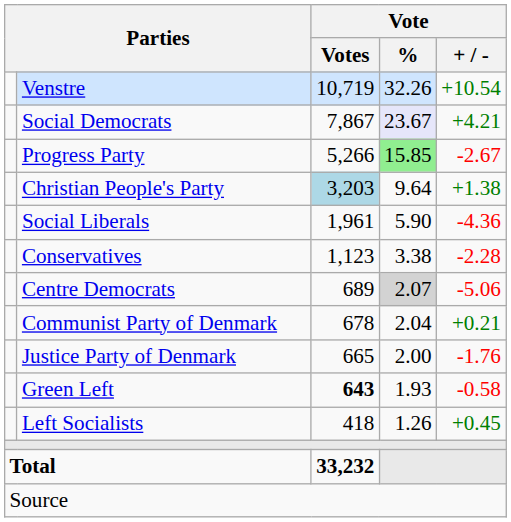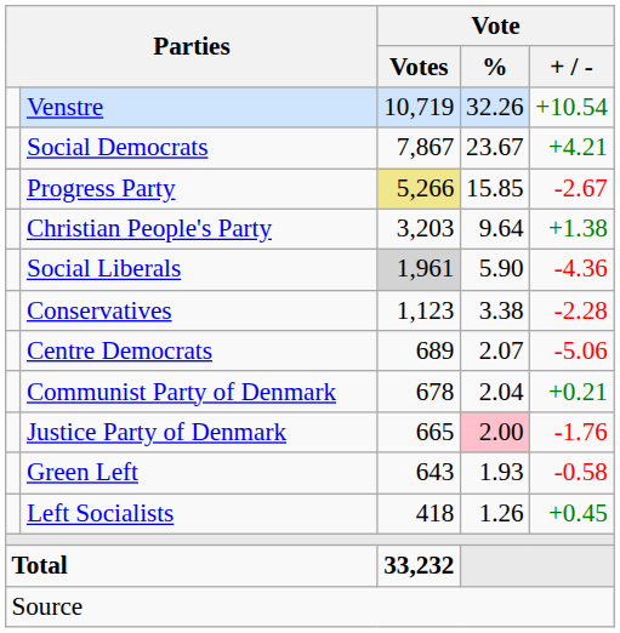 <table class="wikitable" style="text-align:right;">
 <tr>
 <th style="text-align:centre;" rowspan="2" colspan="2" width="225">Parties</th>
 <th colspan="3">Vote</th>
 </tr>
 <tr>
 <th width="15">Votes</th>
 <th width="15">%</th>
 <th width="15">+ / -</th>
 </tr>
 <tr>
 <td width="2" style="color:inherit;background:"></td>
 <td bgcolor=#cfe5fe  align="left"><a href='#'>Venstre</a></td>
 <td bgcolor=#cfe5fe>10,719</td>
 <td bgcolor=#cfe5fe>32.26</td>
 <td style=color:green;>+10.54</td>
 </tr>
 <tr>
 <td width="2" style="color:inherit;background:"></td>
 <td align="left"><a href='#'>Social Democrats</a></td>
 <td>7,867</td>
-<td style="background: lavender;">23.67</td>
+<td>23.67</td>
 <td style=color:green;>+4.21</td>
 </tr>
 <tr>
 <td width="2" style="color:inherit;background:"></td>
 <td align="left"><a href='#'>Progress Party</a></td>
-<td>5,266</td>
-<td style="background: lightgreen;">15.85</td>
+<td style="background: khaki;">5,266</td>
+<td>15.85</td>
 <td style=color:red;>-2.67</td>
 </tr>
 <tr>
 <td width="2" style="color:inherit;background:"></td>
 <td align="left"><a href='#'>Christian People's Party</a></td>
-<td style="background: lightblue;">3,203</td>
+<td>3,203</td>
 <td>9.64</td>
 <td style=color:green;>+1.38</td>
 </tr>
 <tr>
 <td width="2" style="color:inherit;background:"></td>
 <td align="left"><a href='#'>Social Liberals</a></td>
-<td>1,961</td>
+<td style="background: lightgrey;">1,961</td>
 <td>5.90</td>
 <td style=color:red;>-4.36</td>
 </tr>
 <tr>
 <td width="2" style="color:inherit;background:"></td>
 <td align="left"><a href='#'>Conservatives</a></td>
 <td>1,123</td>
 <td>3.38</td>
 <td style=color:red;>-2.28</td>
 </tr>
 <tr>
 <td width="2" style="color:inherit;background:"></td>
 <td align="left"><a href='#'>Centre Democrats</a></td>
 <td>689</td>
-<td style="background: lightgrey;">2.07</td>
+<td>2.07</td>
 <td style=color:red;>-5.06</td>
 </tr>
 <tr>
 <td width="2" style="color:inherit;background:"></td>
 <td align="left"><a href='#'>Communist Party of Denmark</a></td>
 <td>678</td>
 <td>2.04</td>
 <td style=color:green;>+0.21</td>
 </tr>
 <tr>
 <td width="2" style="color:inherit;background:"></td>
 <td align="left"><a href='#'>Justice Party of Denmark</a></td>
 <td>665</td>
-<td>2.00</td>
+<td style="background: pink;">2.00</td>
 <td style=color:red;>-1.76</td>
 </tr>
 <tr>
 <td width="2" style="color:inherit;background:"></td>
 <td align="left"><a href='#'>Green Left</a></td>
-<td><strong>643</strong></td>
+<td>643</td>
 <td>1.93</td>
 <td style=color:red;>-0.58</td>
 </tr>
 <tr>
 <td width="2" style="color:inherit;background:"></td>
 <td align="left"><a href='#'>Left Socialists</a></td>
 <td>418</td>
 <td>1.26</td>
 <td style=color:green;>+0.45</td>
 </tr>
 <tr>
 <td colspan="7" bgcolor="#E9E9E9"></td>
 </tr>
 <tr>
 <td align="left" colspan="2"><strong>Total</strong></td>
 <td><strong>33,232</strong></td>
 <td bgcolor="#E9E9E9" colspan="2"></td>
 </tr>
 <tr>
 <td align="left" colspan="6">Source</td>
 </tr>
 </table>
